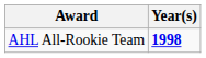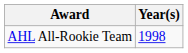 <table class="wikitable">
 <tr>
 <th>Award</th>
 <th>Year(s)</th>
 </tr>
 <tr>
 <td><a href='#'>AHL</a> All-Rookie Team</td>
-<td><strong><a href='#'>1998</a></strong></td>
+<td><a href='#'>1998</a></td>
 </tr>
 </table>
